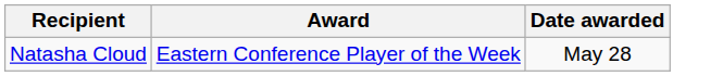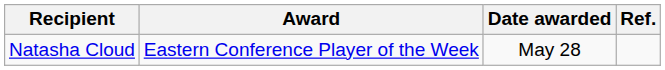 <table class="wikitable sortable sortable" style="text-align: center">
 <tr>
 <th>Recipient</th>
 <th>Award</th>
 <th>Date awarded</th>
+<th>Ref.</th>
 </tr>
 <tr>
 <td><a href='#'>Natasha Cloud</a></td>
 <td><a href='#'>Eastern Conference Player of the Week</a></td>
 <td>May 28</td>
+<td></td>
 </tr>
 </table>
